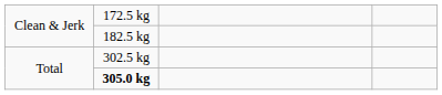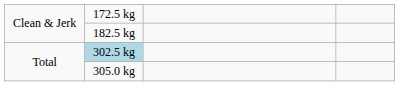 <table class = "wikitable" style="text-align:center;">
 <tr>
 <td width=100 rowspan=2>Clean & Jerk</td>
 <td width=70>172.5 kg</td>
 <td width=250 align=left></td>
 <td width=70></td>
 </tr>
 <tr>
 <td>182.5 kg</td>
 <td align=left></td>
 <td></td>
 </tr>
 <tr>
 <td rowspan=2>Total</td>
-<td>302.5 kg</td>
+<td style="background: lightblue;">302.5 kg</td>
 <td align=left></td>
 <td></td>
 </tr>
 <tr>
-<td><strong>305.0 kg</strong></td>
+<td>305.0 kg</td>
 <td align=left></td>
 <td></td>
 </tr>
 </table>
